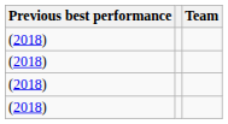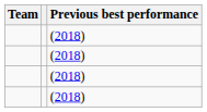 <table class="wikitable sortable">
 <tr>
+<th>Team</th>
+<th data-sort-type="number"></th>
 <th>Previous best performance</th>
-<th data-sort-type="number"></th>
-<th>Team</th>
 </tr>
 <tr>
+<td></td>
+<td style="text-align:center"></td>
 <td> (<a href='#'>2018</a>)</td>
-<td style="text-align:center"></td>
-<td></td>
 </tr>
 <tr>
+<td></td>
+<td style="text-align:center"></td>
 <td> (<a href='#'>2018</a>)</td>
-<td style="text-align:center"></td>
-<td></td>
 </tr>
 <tr>
+<td></td>
+<td style="text-align:center"></td>
 <td> (<a href='#'>2018</a>)</td>
-<td style="text-align:center"></td>
-<td></td>
 </tr>
 <tr>
+<td></td>
+<td style="text-align:center"></td>
 <td> (<a href='#'>2018</a>)</td>
-<td style="text-align:center"></td>
-<td></td>
 </tr>
 </table>
